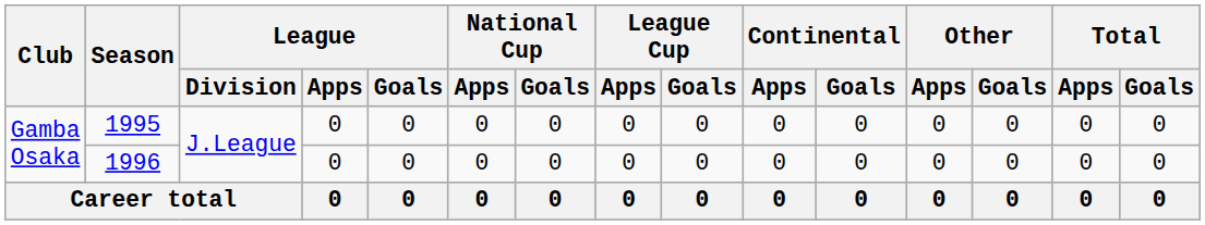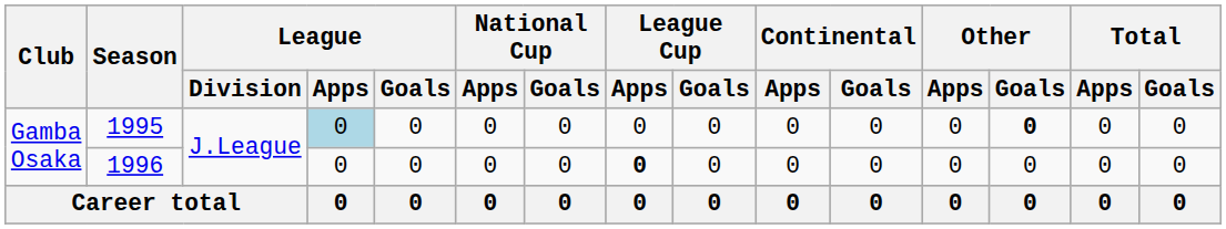 <table class="wikitable" style="text-align: center">
 <tr>
 <th rowspan="2">Club</th>
 <th rowspan="2">Season</th>
 <th colspan="3">League</th>
 <th colspan="2">National Cup</th>
 <th colspan="2">League Cup</th>
 <th colspan="2">Continental</th>
 <th colspan="2">Other</th>
 <th colspan="2">Total</th>
 </tr>
 <tr>
 <th>Division</th>
 <th>Apps</th>
 <th>Goals</th>
 <th>Apps</th>
 <th>Goals</th>
 <th>Apps</th>
 <th>Goals</th>
 <th>Apps</th>
 <th>Goals</th>
 <th>Apps</th>
 <th>Goals</th>
 <th>Apps</th>
 <th>Goals</th>
 </tr>
 <tr>
 <td rowspan="2"><a href='#'>Gamba Osaka</a></td>
 <td><a href='#'>1995</a></td>
 <td rowspan="2"><a href='#'>J.League</a></td>
+<td style="background: lightblue;">0</td>
 <td>0</td>
 <td>0</td>
 <td>0</td>
 <td>0</td>
 <td>0</td>
 <td>0</td>
 <td>0</td>
 <td>0</td>
-<td>0</td>
-<td>0</td>
+<td><strong>0</strong></td>
 <td>0</td>
 <td>0</td>
 </tr>
 <tr>
 <td><a href='#'>1996</a></td>
 <td>0</td>
 <td>0</td>
 <td>0</td>
 <td>0</td>
-<td>0</td>
+<td><strong>0</strong></td>
 <td>0</td>
 <td>0</td>
 <td>0</td>
 <td>0</td>
 <td>0</td>
 <td>0</td>
 <td>0</td>
 </tr>
 <tr>
 <th colspan=3>Career total</th>
 <th>0</th>
 <th>0</th>
 <th>0</th>
 <th>0</th>
 <th>0</th>
 <th>0</th>
 <th>0</th>
 <th>0</th>
 <th>0</th>
 <th>0</th>
 <th>0</th>
 <th>0</th>
 </tr>
 </table>
